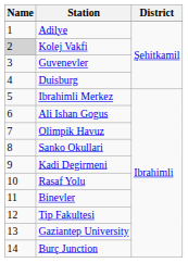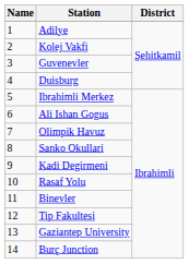 <table class="wikitable">
 <tr>
 <th>Name</th>
 <th>Station</th>
 <th>District</th>
 </tr>
 <tr>
 </tr>
 <tr>
 <td>1</td>
 <td><a href='#'>Adilye</a></td>
 <td rowspan="4"><a href='#'>Şehitkamil</a></td>
 </tr>
 <tr>
-<td style="background: lightgrey;">2</td>
+<td>2</td>
 <td><a href='#'>Kolej Vakfi</a></td>
 </tr>
 <tr>
 <td>3</td>
 <td><a href='#'>Guvenevler</a></td>
 </tr>
 <tr>
 <td>4</td>
 <td><a href='#'>Duisburg</a></td>
 </tr>
 <tr>
 <td>5</td>
 <td><a href='#'>Ibrahimli Merkez</a></td>
 <td rowspan="10"><a href='#'>Ibrahimli</a></td>
 </tr>
 <tr>
 <td>6</td>
 <td><a href='#'>Ali Ishan Gogus</a></td>
 </tr>
 <tr>
 <td>7</td>
 <td><a href='#'>Olimpik Havuz</a></td>
 </tr>
 <tr>
 <td>8</td>
 <td><a href='#'>Sanko Okullari</a></td>
 </tr>
 <tr>
 <td>9</td>
 <td><a href='#'>Kadi Degirmeni</a></td>
 </tr>
 <tr>
 <td>10</td>
 <td><a href='#'>Rasaf Yolu</a></td>
 </tr>
 <tr>
 <td>11</td>
 <td><a href='#'>Binevler</a></td>
 </tr>
 <tr>
 <td>12</td>
 <td><a href='#'>Tip Fakultesi</a></td>
 </tr>
 <tr>
 <td>13</td>
 <td><a href='#'>Gaziantep University</a></td>
 </tr>
 <tr>
 <td>14</td>
 <td><a href='#'>Burç Junction</a></td>
 </tr>
 </table>
